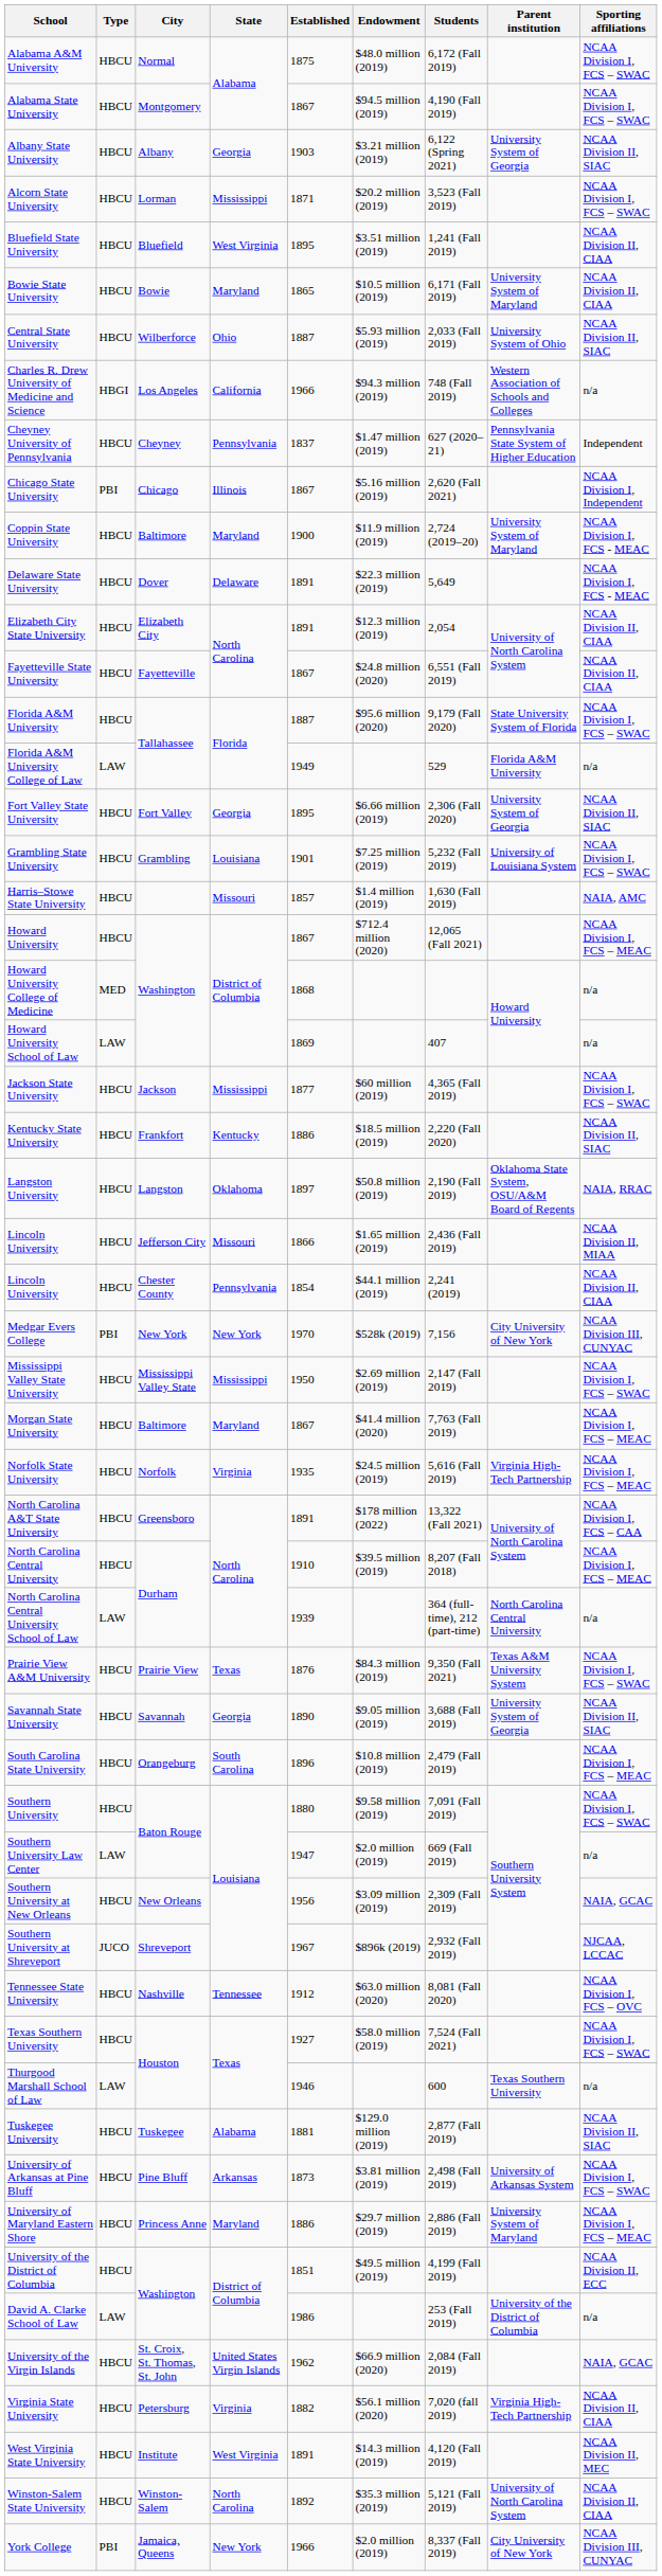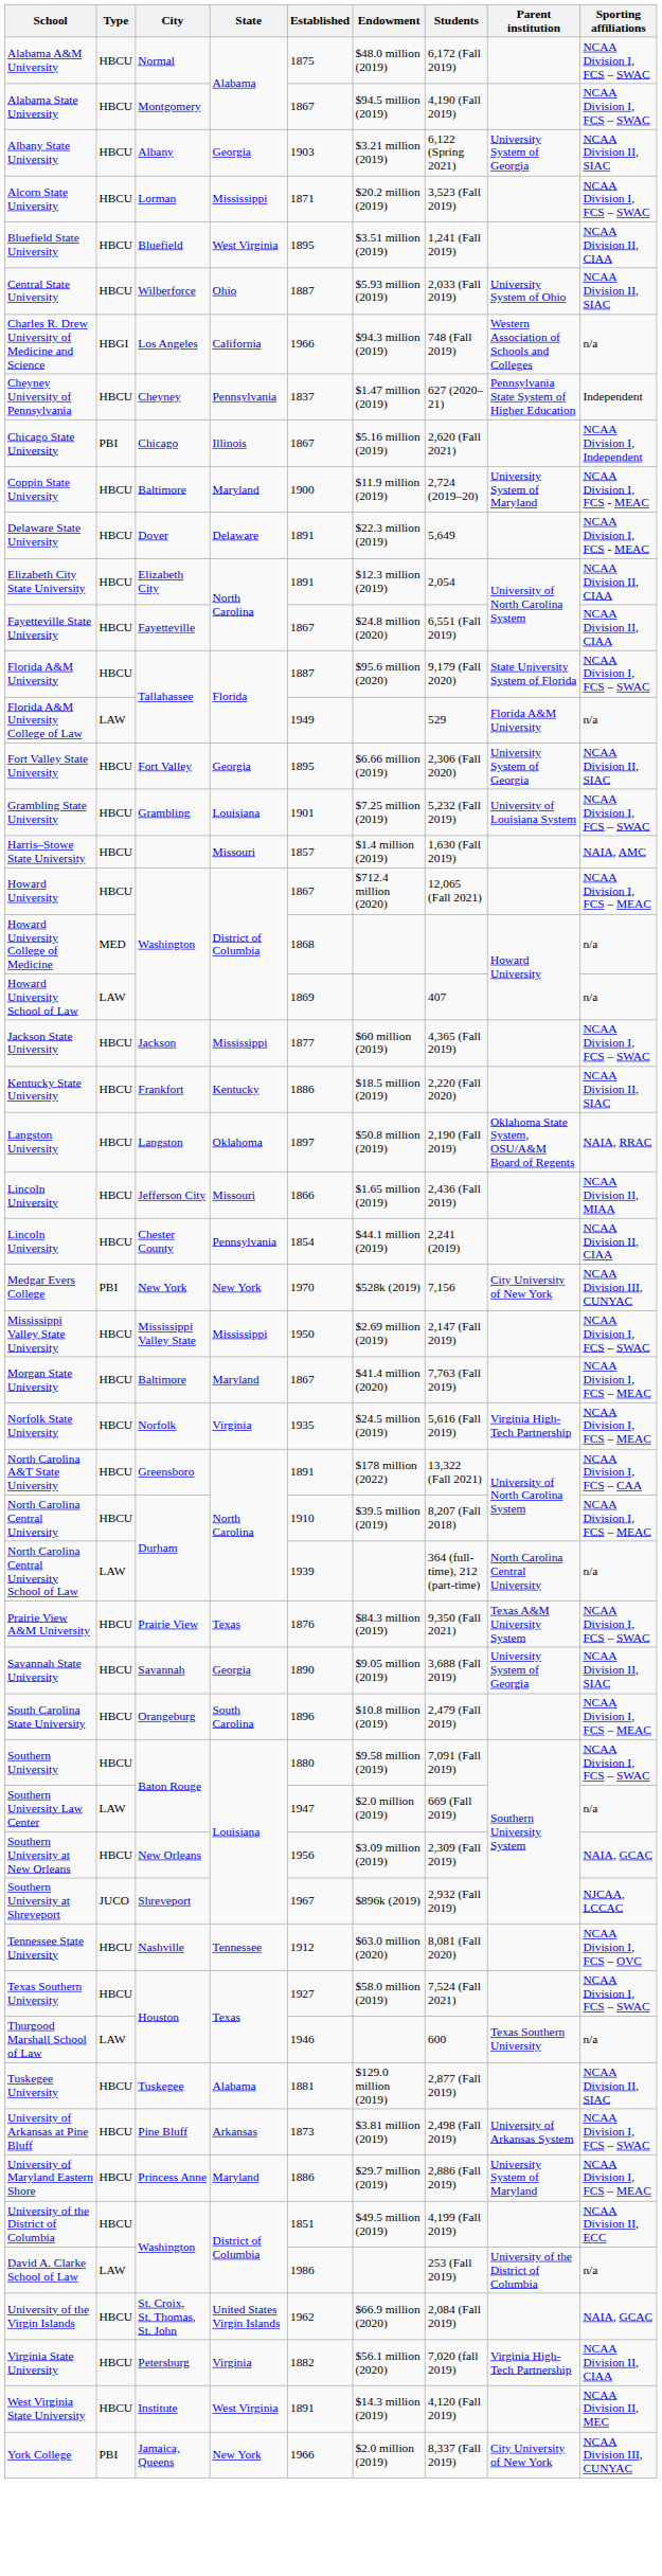 <table class="wikitable sortable ">
 <tr>
 <th>School</th>
 <th>Type</th>
 <th>City</th>
 <th>State</th>
 <th>Established</th>
 <th>Endowment</th>
 <th data-sort-type=number>Students</th>
 <th>Parent institution</th>
 <th>Sporting affiliations</th>
 </tr>
 <tr>
 <td><a href='#'>Alabama A&M University</a></td>
 <td>HBCU</td>
 <td><a href='#'>Normal</a></td>
 <td rowspan="2"><a href='#'>Alabama</a></td>
 <td>1875</td>
 <td data-sort-value=48000000>$48.0 million (2019)</td>
 <td>6,172 (Fall 2019)</td>
 <td></td>
 <td><a href='#'>NCAA Division I</a>, <a href='#'>FCS</a> – <a href='#'>SWAC</a></td>
 </tr>
 <tr>
 <td><a href='#'>Alabama State University</a></td>
 <td>HBCU</td>
 <td><a href='#'>Montgomery</a></td>
 <td>1867</td>
 <td data-sort-value=94500000>$94.5 million (2019)</td>
 <td>4,190 (Fall 2019)</td>
 <td></td>
 <td><a href='#'>NCAA Division I</a>, <a href='#'>FCS</a> – <a href='#'>SWAC</a></td>
 </tr>
 <tr>
 <td><a href='#'>Albany State University</a></td>
 <td>HBCU</td>
 <td><a href='#'>Albany</a></td>
 <td><a href='#'>Georgia</a></td>
 <td>1903</td>
 <td data-sort-value=3210000>$3.21 million (2019)</td>
 <td>6,122 (Spring 2021)</td>
 <td><a href='#'>University System of Georgia</a></td>
 <td><a href='#'>NCAA Division II</a>, <a href='#'>SIAC</a></td>
 </tr>
 <tr>
 <td><a href='#'>Alcorn State University</a></td>
 <td>HBCU</td>
 <td><a href='#'>Lorman</a></td>
 <td><a href='#'>Mississippi</a></td>
 <td>1871</td>
 <td data-sort-value=20200000>$20.2 million (2019)</td>
 <td>3,523 (Fall 2019)</td>
 <td></td>
 <td><a href='#'>NCAA Division I</a>, <a href='#'>FCS</a> – <a href='#'>SWAC</a></td>
 </tr>
 <tr>
 <td><a href='#'>Bluefield State University</a></td>
 <td>HBCU</td>
 <td><a href='#'>Bluefield</a></td>
 <td><a href='#'>West Virginia</a></td>
 <td>1895</td>
 <td data-sort-value=3510000>$3.51 million (2019)</td>
 <td>1,241 (Fall 2019)</td>
 <td></td>
-<td><a href='#'>NCAA Division II</a>, <a href='#'>CIAA</a></td>
-</tr>
-<tr>
-<td><a href='#'>Bowie State University</a></td>
-<td>HBCU</td>
-<td><a href='#'>Bowie</a></td>
-<td><a href='#'>Maryland</a></td>
-<td>1865</td>
-<td data-sort-value=10500000>$10.5 million (2019)</td>
-<td>6,171 (Fall 2019)</td>
-<td><a href='#'>University System of Maryland</a></td>
 <td><a href='#'>NCAA Division II</a>, <a href='#'>CIAA</a></td>
 </tr>
 <tr>
 <td><a href='#'>Central State University</a></td>
 <td>HBCU</td>
 <td><a href='#'>Wilberforce</a></td>
 <td><a href='#'>Ohio</a></td>
 <td>1887</td>
 <td data-sort-value=5930000>$5.93 million (2019)</td>
 <td>2,033 (Fall 2019)</td>
 <td><a href='#'>University System of Ohio</a></td>
 <td><a href='#'>NCAA Division II</a>, <a href='#'>SIAC</a></td>
 </tr>
 <tr>
 <td><a href='#'>Charles R. Drew University of Medicine and Science</a></td>
 <td>HBGI</td>
 <td><a href='#'>Los Angeles</a></td>
 <td><a href='#'>California</a></td>
 <td>1966</td>
 <td data-sort-value=94300000>$94.3 million (2019)</td>
 <td>748 (Fall 2019)</td>
 <td><a href='#'>Western Association of Schools and Colleges</a></td>
 <td>n/a</td>
 </tr>
 <tr>
 <td><a href='#'>Cheyney University of Pennsylvania</a></td>
 <td>HBCU</td>
 <td><a href='#'>Cheyney</a></td>
 <td><a href='#'>Pennsylvania</a></td>
 <td>1837</td>
 <td data-sort-value=1470000>$1.47 million (2019)</td>
 <td>627 (2020–21)</td>
 <td><a href='#'>Pennsylvania State System of Higher Education</a></td>
 <td>Independent</td>
 </tr>
 <tr>
 <td><a href='#'>Chicago State University</a></td>
 <td>PBI</td>
 <td><a href='#'>Chicago</a></td>
 <td><a href='#'>Illinois</a></td>
 <td>1867</td>
 <td data-sort-value=5160000>$5.16 million (2019)</td>
 <td>2,620 (Fall 2021)</td>
 <td></td>
 <td><a href='#'>NCAA Division I</a>, <a href='#'>Independent</a></td>
 </tr>
 <tr>
 <td><a href='#'>Coppin State University</a></td>
 <td>HBCU</td>
 <td><a href='#'>Baltimore</a></td>
 <td><a href='#'>Maryland</a></td>
 <td>1900</td>
 <td data-sort-value=11900000>$11.9 million (2019)</td>
 <td>2,724 (2019–20)</td>
 <td><a href='#'>University System of Maryland</a></td>
 <td><a href='#'>NCAA Division I</a>, <a href='#'>FCS</a> - <a href='#'>MEAC</a></td>
 </tr>
 <tr>
 <td><a href='#'>Delaware State University</a></td>
 <td>HBCU</td>
 <td><a href='#'>Dover</a></td>
 <td><a href='#'>Delaware</a></td>
 <td>1891</td>
 <td data-sort-value=22300000>$22.3 million (2019)</td>
 <td>5,649</td>
 <td></td>
 <td><a href='#'>NCAA Division I</a>, <a href='#'>FCS</a> - <a href='#'>MEAC</a></td>
 </tr>
 <tr>
 <td><a href='#'>Elizabeth City State University</a></td>
 <td>HBCU</td>
 <td><a href='#'>Elizabeth City</a></td>
 <td rowspan="2"><a href='#'>North Carolina</a></td>
 <td>1891</td>
 <td data-sort-value=12300000>$12.3 million (2019)</td>
 <td>2,054</td>
 <td rowspan="2"><a href='#'>University of North Carolina System</a></td>
 <td><a href='#'>NCAA Division II</a>, <a href='#'>CIAA</a></td>
 </tr>
 <tr>
 <td><a href='#'>Fayetteville State University</a></td>
 <td>HBCU</td>
 <td><a href='#'>Fayetteville</a></td>
 <td>1867</td>
 <td data-sort-value=24800000>$24.8 million (2020)</td>
 <td>6,551 (Fall 2019)</td>
 <td><a href='#'>NCAA Division II</a>, <a href='#'>CIAA</a></td>
 </tr>
 <tr>
 <td><a href='#'>Florida A&M University</a></td>
 <td>HBCU</td>
 <td rowspan="2"><a href='#'>Tallahassee</a></td>
 <td rowspan="2"><a href='#'>Florida</a></td>
 <td>1887</td>
 <td data-sort-value=95600000>$95.6 million (2020)</td>
 <td>9,179 (Fall 2020)</td>
 <td><a href='#'>State University System of Florida</a></td>
 <td><a href='#'>NCAA Division I</a>, <a href='#'>FCS</a> – <a href='#'>SWAC</a></td>
 </tr>
 <tr>
 <td><a href='#'>Florida A&M University College of Law</a></td>
 <td>LAW</td>
 <td>1949</td>
 <td></td>
 <td>529</td>
 <td><a href='#'>Florida A&M University</a></td>
 <td>n/a</td>
 </tr>
 <tr>
 <td><a href='#'>Fort Valley State University</a></td>
 <td>HBCU</td>
 <td><a href='#'>Fort Valley</a></td>
 <td><a href='#'>Georgia</a></td>
 <td>1895</td>
 <td data-sort-value=6660000>$6.66 million (2019)</td>
 <td>2,306 (Fall 2020)</td>
 <td><a href='#'>University System of Georgia</a></td>
 <td><a href='#'>NCAA Division II</a>, <a href='#'>SIAC</a></td>
 </tr>
 <tr>
 <td><a href='#'>Grambling State University</a></td>
 <td>HBCU</td>
 <td><a href='#'>Grambling</a></td>
 <td><a href='#'>Louisiana</a></td>
 <td>1901</td>
 <td data-sort-value=7250000>$7.25 million (2019)</td>
 <td>5,232 (Fall 2019)</td>
 <td><a href='#'>University of Louisiana System</a></td>
 <td><a href='#'>NCAA Division I</a>, <a href='#'>FCS</a> – <a href='#'>SWAC</a></td>
 </tr>
 <tr>
 <td><a href='#'>Harris–Stowe State University</a></td>
 <td>HBCU</td>
 <td></td>
 <td><a href='#'>Missouri</a></td>
 <td>1857</td>
 <td data-sort-value=1400000>$1.4 million (2019)</td>
 <td>1,630 (Fall 2019)</td>
 <td></td>
 <td><a href='#'>NAIA</a>, <a href='#'>AMC</a></td>
 </tr>
 <tr>
 <td><a href='#'>Howard University</a></td>
 <td>HBCU</td>
 <td rowspan="3"><a href='#'>Washington</a></td>
 <td rowspan="3"><a href='#'>District of Columbia</a></td>
 <td>1867</td>
 <td data-sort-value=712400000>$712.4 million (2020)</td>
 <td>12,065 (Fall 2021)</td>
 <td></td>
 <td><a href='#'>NCAA Division I</a>, <a href='#'>FCS</a> – <a href='#'>MEAC</a></td>
 </tr>
 <tr>
 <td><a href='#'>Howard University College of Medicine</a></td>
 <td>MED</td>
 <td>1868</td>
 <td></td>
 <td></td>
 <td rowspan="2"><a href='#'>Howard University</a></td>
 <td>n/a</td>
 </tr>
 <tr>
 <td><a href='#'>Howard University School of Law</a></td>
 <td>LAW</td>
 <td>1869</td>
 <td></td>
 <td>407</td>
 <td>n/a</td>
 </tr>
 <tr>
 <td><a href='#'>Jackson State University</a></td>
 <td>HBCU</td>
 <td><a href='#'>Jackson</a></td>
 <td><a href='#'>Mississippi</a></td>
 <td>1877</td>
 <td data-sort-value=60000000>$60 million (2019)</td>
 <td>4,365 (Fall 2019)</td>
 <td></td>
 <td><a href='#'>NCAA Division I</a>, <a href='#'>FCS</a> – <a href='#'>SWAC</a></td>
 </tr>
 <tr>
 <td><a href='#'>Kentucky State University</a></td>
 <td>HBCU</td>
 <td><a href='#'>Frankfort</a></td>
 <td><a href='#'>Kentucky</a></td>
 <td>1886</td>
 <td data-sort-value=18500000>$18.5 million (2019)</td>
 <td>2,220 (Fall 2020)</td>
 <td></td>
 <td><a href='#'>NCAA Division II</a>, <a href='#'>SIAC</a></td>
 </tr>
 <tr>
 <td><a href='#'>Langston University</a></td>
 <td>HBCU</td>
 <td><a href='#'>Langston</a></td>
 <td><a href='#'>Oklahoma</a></td>
 <td>1897</td>
 <td data-sort-value=50800000>$50.8 million (2019)</td>
 <td>2,190 (Fall 2019)</td>
 <td><a href='#'>Oklahoma State System</a>, <a href='#'>OSU/A&M Board of Regents</a></td>
 <td><a href='#'>NAIA</a>, <a href='#'>RRAC</a></td>
 </tr>
 <tr>
 <td><a href='#'>Lincoln University</a></td>
 <td>HBCU</td>
 <td><a href='#'>Jefferson City</a></td>
 <td><a href='#'>Missouri</a></td>
 <td>1866</td>
 <td data-sort-value=1650000>$1.65 million (2019)</td>
 <td>2,436 (Fall 2019)</td>
 <td></td>
 <td><a href='#'>NCAA Division II</a>, <a href='#'>MIAA</a></td>
 </tr>
 <tr>
 <td><a href='#'>Lincoln University</a></td>
 <td>HBCU</td>
 <td><a href='#'>Chester County</a></td>
 <td><a href='#'>Pennsylvania</a></td>
 <td>1854</td>
 <td data-sort-value=44100000>$44.1 million (2019)</td>
 <td>2,241 (2019)</td>
 <td></td>
 <td><a href='#'>NCAA Division II</a>, <a href='#'>CIAA</a><br></td>
 </tr>
 <tr>
 <td><a href='#'>Medgar Evers College</a></td>
 <td>PBI</td>
 <td><a href='#'>New York</a></td>
 <td><a href='#'>New York</a></td>
 <td>1970</td>
 <td data-sort-value=528000>$528k (2019)</td>
 <td>7,156</td>
 <td><a href='#'>City University of New York</a></td>
 <td><a href='#'>NCAA Division III</a>, <a href='#'>CUNYAC</a></td>
 </tr>
 <tr>
 <td><a href='#'>Mississippi Valley State University</a></td>
 <td>HBCU</td>
 <td><a href='#'>Mississippi Valley State</a></td>
 <td><a href='#'>Mississippi</a></td>
 <td>1950</td>
 <td data-sort-value=2690000>$2.69 million (2019)</td>
 <td>2,147 (Fall 2019)</td>
 <td></td>
 <td><a href='#'>NCAA Division I</a>, <a href='#'>FCS</a> – <a href='#'>SWAC</a></td>
 </tr>
 <tr>
 <td><a href='#'>Morgan State University</a></td>
 <td>HBCU</td>
 <td><a href='#'>Baltimore</a></td>
 <td><a href='#'>Maryland</a></td>
 <td>1867</td>
 <td data-sort-value=41400000>$41.4 million (2020)</td>
 <td>7,763 (Fall 2019)</td>
 <td></td>
 <td><a href='#'>NCAA Division I</a>, <a href='#'>FCS</a> – <a href='#'>MEAC</a></td>
 </tr>
 <tr>
 <td><a href='#'>Norfolk State University</a></td>
 <td>HBCU</td>
 <td><a href='#'>Norfolk</a></td>
 <td><a href='#'>Virginia</a></td>
 <td>1935</td>
 <td data-sort-value=24500000>$24.5 million (2019)</td>
 <td>5,616 (Fall 2019)</td>
 <td><a href='#'>Virginia High-Tech Partnership</a></td>
 <td><a href='#'>NCAA Division I</a>, <a href='#'>FCS</a> – <a href='#'>MEAC</a></td>
 </tr>
 <tr>
 <td><a href='#'>North Carolina A&T State University</a></td>
 <td>HBCU</td>
 <td><a href='#'>Greensboro</a></td>
 <td rowspan="3"><a href='#'>North Carolina</a></td>
 <td>1891</td>
 <td data-sort-value=178000000>$178 million (2022)</td>
 <td>13,322 (Fall 2021)</td>
 <td rowspan="2"><a href='#'>University of North Carolina System</a></td>
 <td><a href='#'>NCAA Division I</a>, <a href='#'>FCS</a> – <a href='#'>CAA</a></td>
 </tr>
 <tr>
 <td><a href='#'>North Carolina Central University</a></td>
 <td>HBCU</td>
 <td rowspan="2"><a href='#'>Durham</a></td>
 <td>1910</td>
 <td data-sort-value=39500000>$39.5 million (2019)</td>
 <td>8,207 (Fall 2018)</td>
 <td><a href='#'>NCAA Division I</a>, <a href='#'>FCS</a> – <a href='#'>MEAC</a></td>
 </tr>
 <tr>
 <td><a href='#'>North Carolina Central University School of Law</a></td>
 <td>LAW</td>
 <td>1939</td>
 <td></td>
 <td>364 (full-time), 212 (part-time)</td>
 <td><a href='#'>North Carolina Central University</a></td>
 <td>n/a</td>
 </tr>
 <tr>
 <td><a href='#'>Prairie View A&M University</a></td>
 <td>HBCU</td>
 <td><a href='#'>Prairie View</a></td>
 <td><a href='#'>Texas</a></td>
 <td>1876</td>
 <td data-sort-value=84300000>$84.3 million (2019)</td>
 <td>9,350 (Fall 2021)</td>
 <td><a href='#'>Texas A&M University System</a></td>
 <td><a href='#'>NCAA Division I</a>, <a href='#'>FCS</a> – <a href='#'>SWAC</a></td>
 </tr>
 <tr>
 <td><a href='#'>Savannah State University</a></td>
 <td>HBCU</td>
 <td><a href='#'>Savannah</a></td>
 <td><a href='#'>Georgia</a></td>
 <td>1890</td>
 <td data-sort-value=9050000>$9.05 million (2019)</td>
 <td>3,688 (Fall 2019)</td>
 <td><a href='#'>University System of Georgia</a></td>
 <td><a href='#'>NCAA Division II</a>, <a href='#'>SIAC</a></td>
 </tr>
 <tr>
 <td><a href='#'>South Carolina State University</a></td>
 <td>HBCU</td>
 <td><a href='#'>Orangeburg</a></td>
 <td><a href='#'>South Carolina</a></td>
 <td>1896</td>
 <td data-sort-value=10800000>$10.8 million (2019)</td>
 <td>2,479 (Fall 2019)</td>
 <td></td>
 <td><a href='#'>NCAA Division I</a>, <a href='#'>FCS</a> – <a href='#'>MEAC</a></td>
 </tr>
 <tr>
 <td><a href='#'>Southern University</a></td>
 <td>HBCU</td>
 <td rowspan="2"><a href='#'>Baton Rouge</a></td>
 <td rowspan="4"><a href='#'>Louisiana</a></td>
 <td>1880</td>
 <td data-sort-value=9580000>$9.58 million (2019)</td>
 <td>7,091 (Fall 2019)</td>
 <td rowspan="4"><a href='#'>Southern University System</a></td>
 <td><a href='#'>NCAA Division I</a>, <a href='#'>FCS</a> – <a href='#'>SWAC</a></td>
 </tr>
 <tr>
 <td><a href='#'>Southern University Law Center</a></td>
 <td>LAW</td>
 <td>1947</td>
 <td data-sort-value=2000000>$2.0 million (2019)</td>
 <td>669 (Fall 2019)</td>
 <td>n/a</td>
 </tr>
 <tr>
 <td><a href='#'>Southern University at New Orleans</a></td>
 <td>HBCU</td>
 <td><a href='#'>New Orleans</a></td>
 <td>1956</td>
 <td data-sort-value=3090000>$3.09 million (2019)</td>
 <td>2,309 (Fall 2019)</td>
 <td><a href='#'>NAIA</a>, <a href='#'>GCAC</a></td>
 </tr>
 <tr>
 <td><a href='#'>Southern University at Shreveport</a></td>
 <td>JUCO</td>
 <td><a href='#'>Shreveport</a></td>
 <td>1967</td>
 <td data-sort-value=896000>$896k (2019)</td>
 <td>2,932 (Fall 2019)</td>
 <td><a href='#'>NJCAA</a>, <a href='#'>LCCAC</a></td>
 </tr>
 <tr>
 <td><a href='#'>Tennessee State University</a></td>
 <td>HBCU</td>
 <td><a href='#'>Nashville</a></td>
 <td><a href='#'>Tennessee</a></td>
 <td>1912</td>
 <td data-sort-value=63000000>$63.0 million (2020)</td>
 <td>8,081 (Fall 2020)</td>
 <td></td>
 <td><a href='#'>NCAA Division I</a>, <a href='#'>FCS</a> – <a href='#'>OVC</a></td>
 </tr>
 <tr>
 <td><a href='#'>Texas Southern University</a></td>
 <td>HBCU</td>
 <td rowspan="2"><a href='#'>Houston</a></td>
 <td rowspan="2"><a href='#'>Texas</a></td>
 <td>1927</td>
 <td data-sort-value=58000000>$58.0 million (2019)</td>
 <td>7,524 (Fall 2021)</td>
 <td></td>
 <td><a href='#'>NCAA Division I</a>, <a href='#'>FCS</a> – <a href='#'>SWAC</a></td>
 </tr>
 <tr>
 <td><a href='#'>Thurgood Marshall School of Law</a></td>
 <td>LAW</td>
 <td>1946</td>
 <td></td>
 <td>600</td>
 <td><a href='#'>Texas Southern University</a></td>
 <td>n/a</td>
 </tr>
 <tr>
 <td><a href='#'>Tuskegee University</a></td>
 <td>HBCU</td>
 <td><a href='#'>Tuskegee</a></td>
 <td><a href='#'>Alabama</a></td>
 <td>1881</td>
 <td data-sort-value=129000000>$129.0 million (2019)</td>
 <td>2,877 (Fall 2019)</td>
 <td></td>
 <td><a href='#'>NCAA Division II</a>, <a href='#'>SIAC</a></td>
 </tr>
 <tr>
 <td><a href='#'>University of Arkansas at Pine Bluff</a></td>
 <td>HBCU</td>
 <td><a href='#'>Pine Bluff</a></td>
 <td><a href='#'>Arkansas</a></td>
 <td>1873</td>
 <td data-sort-value=3810000>$3.81 million (2019)</td>
 <td>2,498 (Fall 2019)</td>
 <td><a href='#'>University of Arkansas System</a></td>
 <td><a href='#'>NCAA Division I</a>, <a href='#'>FCS</a> – <a href='#'>SWAC</a></td>
 </tr>
 <tr>
 <td><a href='#'>University of Maryland Eastern Shore</a></td>
 <td>HBCU</td>
 <td><a href='#'>Princess Anne</a></td>
 <td><a href='#'>Maryland</a></td>
 <td>1886</td>
 <td data-sort-value=29700000>$29.7 million (2019)</td>
 <td>2,886 (Fall 2019)</td>
 <td><a href='#'>University System of Maryland</a></td>
 <td><a href='#'>NCAA Division I</a>, <a href='#'>FCS</a> – <a href='#'>MEAC</a></td>
 </tr>
 <tr>
 <td><a href='#'>University of the District of Columbia</a></td>
 <td>HBCU</td>
 <td rowspan="2"><a href='#'>Washington</a></td>
 <td rowspan="2"><a href='#'>District of Columbia</a></td>
 <td>1851</td>
 <td data-sort-value=49500000>$49.5 million (2019)</td>
 <td>4,199 (Fall 2019)</td>
 <td></td>
 <td><a href='#'>NCAA Division II</a>, <a href='#'>ECC</a></td>
 </tr>
 <tr>
 <td><a href='#'>David A. Clarke School of Law</a></td>
 <td>LAW</td>
 <td>1986</td>
 <td></td>
 <td>253 (Fall 2019)</td>
 <td><a href='#'>University of the District of Columbia</a></td>
 <td>n/a</td>
 </tr>
 <tr>
 <td><a href='#'>University of the Virgin Islands</a></td>
 <td>HBCU</td>
 <td><a href='#'>St. Croix</a>,<br><a href='#'>St. Thomas</a>,  <a href='#'>St. John</a></td>
 <td><a href='#'>United States Virgin Islands</a></td>
 <td>1962</td>
 <td data-sort-value=66900000>$66.9 million (2020)</td>
 <td>2,084 (Fall 2019)</td>
 <td></td>
 <td><a href='#'>NAIA</a>, <a href='#'>GCAC</a></td>
 </tr>
 <tr>
 <td><a href='#'>Virginia State University</a></td>
 <td>HBCU</td>
 <td><a href='#'>Petersburg</a></td>
 <td><a href='#'>Virginia</a></td>
 <td>1882</td>
 <td data-sort-value=56100000>$56.1 million (2020)</td>
 <td>7,020 (fall 2019)</td>
 <td><a href='#'>Virginia High-Tech Partnership</a></td>
 <td><a href='#'>NCAA Division II</a>, <a href='#'>CIAA</a></td>
 </tr>
 <tr>
 <td><a href='#'>West Virginia State University</a></td>
 <td>HBCU</td>
 <td><a href='#'>Institute</a></td>
 <td><a href='#'>West Virginia</a></td>
 <td>1891</td>
 <td data-sort-value=14300000>$14.3 million (2019)</td>
 <td>4,120 (Fall 2019)</td>
 <td></td>
 <td><a href='#'>NCAA Division II</a>, <a href='#'>MEC</a></td>
 </tr>
 <tr>
-<td><a href='#'>Winston-Salem State University</a></td>
-<td>HBCU</td>
-<td><a href='#'>Winston-Salem</a></td>
-<td><a href='#'>North Carolina</a></td>
-<td>1892</td>
-<td data-sort-value=35300000>$35.3 million (2019)</td>
-<td>5,121 (Fall 2019)</td>
-<td><a href='#'>University of North Carolina System</a></td>
-<td><a href='#'>NCAA Division II</a>, <a href='#'>CIAA</a></td>
-</tr>
-<tr>
 <td><a href='#'>York College</a></td>
 <td>PBI</td>
 <td><a href='#'>Jamaica, Queens</a></td>
 <td><a href='#'>New York</a></td>
 <td>1966</td>
 <td data-sort-value=2000000>$2.0 million (2019)</td>
 <td>8,337 (Fall 2019)</td>
 <td><a href='#'>City University of New York</a></td>
 <td><a href='#'>NCAA Division III</a>, <a href='#'>CUNYAC</a></td>
 </tr>
 </table>
